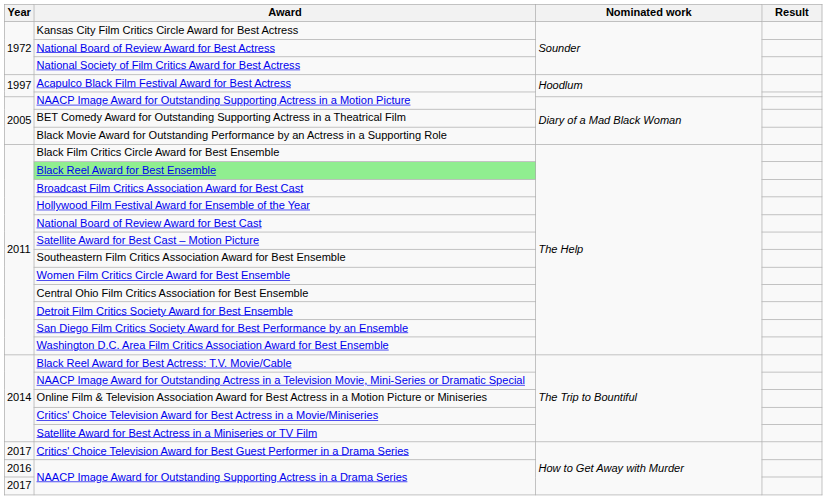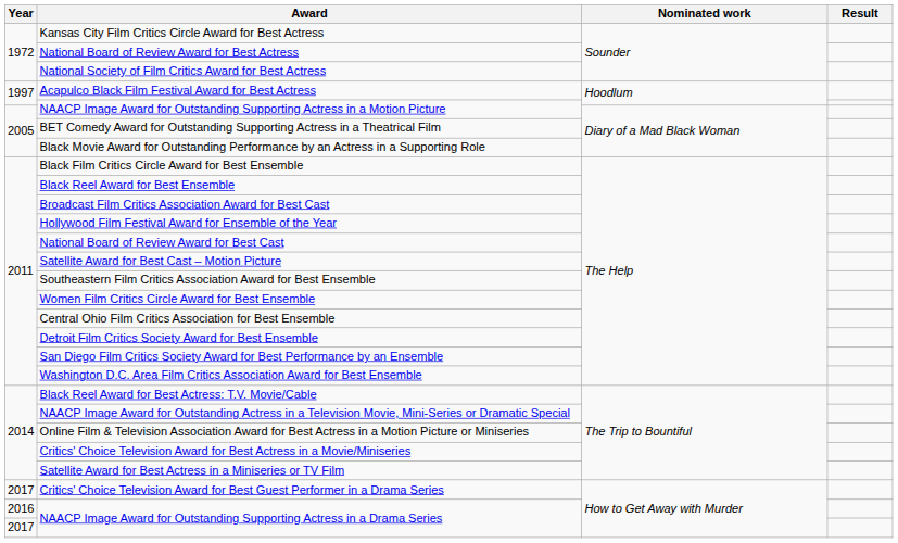 <table class=wikitable>
 <tr>
 <th scope="col" style="width:2em;">Year</th>
 <th scope="col" style="width:45em;">Award</th>
 <th scope="col" style="width:20em;">Nominated work</th>
 <th scope="col" style="width:5em;">Result</th>
 </tr>
 <tr>
 <td rowspan=3>1972</td>
 <td>Kansas City Film Critics Circle Award for Best Actress</td>
 <td rowspan=3><em>Sounder</em></td>
 <td></td>
 </tr>
 <tr>
 <td><a href='#'>National Board of Review Award for Best Actress</a></td>
 <td></td>
 </tr>
 <tr>
 <td><a href='#'>National Society of Film Critics Award for Best Actress</a></td>
 <td></td>
 </tr>
 <tr>
 <td rowspan=2>1997</td>
 <td><a href='#'>Acapulco Black Film Festival Award for Best Actress</a></td>
 <td rowspan=2><em>Hoodlum</em></td>
 <td></td>
 </tr>
 <tr>
 <td rowspan="2"><a href='#'>NAACP Image Award for Outstanding Supporting Actress in a Motion Picture</a></td>
 <td></td>
 </tr>
 <tr>
 <td rowspan=3>2005</td>
 <td rowspan="3"><em>Diary of a Mad Black Woman</em></td>
 <td></td>
 </tr>
 <tr>
 <td>BET Comedy Award for Outstanding Supporting Actress in a Theatrical Film</td>
 <td></td>
 </tr>
 <tr>
 <td>Black Movie Award for Outstanding Performance by an Actress in a Supporting Role</td>
 <td></td>
 </tr>
 <tr>
 <td rowspan=12>2011</td>
 <td>Black Film Critics Circle Award for Best Ensemble</td>
 <td rowspan=12><em>The Help</em></td>
 <td></td>
 </tr>
 <tr>
-<td style="background: lightgreen;"><a href='#'>Black Reel Award for Best Ensemble</a></td>
+<td><a href='#'>Black Reel Award for Best Ensemble</a></td>
 <td></td>
 </tr>
 <tr>
 <td><a href='#'>Broadcast Film Critics Association Award for Best Cast</a></td>
 <td></td>
 </tr>
 <tr>
 <td><a href='#'>Hollywood Film Festival Award for Ensemble of the Year</a></td>
 <td></td>
 </tr>
 <tr>
 <td><a href='#'>National Board of Review Award for Best Cast</a></td>
 <td></td>
 </tr>
 <tr>
 <td><a href='#'>Satellite Award for Best Cast – Motion Picture</a></td>
 <td></td>
 </tr>
 <tr>
 <td>Southeastern Film Critics Association Award for Best Ensemble</td>
 <td></td>
 </tr>
 <tr>
 <td><a href='#'>Women Film Critics Circle Award for Best Ensemble</a></td>
 <td></td>
 </tr>
 <tr>
 <td>Central Ohio Film Critics Association for Best Ensemble</td>
 <td></td>
 </tr>
 <tr>
 <td><a href='#'>Detroit Film Critics Society Award for Best Ensemble</a></td>
 <td></td>
 </tr>
 <tr>
 <td><a href='#'>San Diego Film Critics Society Award for Best Performance by an Ensemble</a></td>
 <td></td>
 </tr>
 <tr>
 <td><a href='#'>Washington D.C. Area Film Critics Association Award for Best Ensemble</a></td>
 <td></td>
 </tr>
 <tr>
 <td rowspan=5>2014</td>
 <td><a href='#'>Black Reel Award for Best Actress: T.V. Movie/Cable</a></td>
 <td rowspan=5><em>The Trip to Bountiful</em></td>
 <td></td>
 </tr>
 <tr>
 <td><a href='#'>NAACP Image Award for Outstanding Actress in a Television Movie, Mini-Series or Dramatic Special</a></td>
 <td></td>
 </tr>
 <tr>
 <td>Online Film & Television Association Award for Best Actress in a Motion Picture or Miniseries</td>
 <td></td>
 </tr>
 <tr>
 <td><a href='#'>Critics' Choice Television Award for Best Actress in a Movie/Miniseries</a></td>
 <td></td>
 </tr>
 <tr>
 <td><a href='#'>Satellite Award for Best Actress in a Miniseries or TV Film</a></td>
 <td></td>
 </tr>
 <tr>
 <td>2017</td>
 <td><a href='#'>Critics' Choice Television Award for Best Guest Performer in a Drama Series</a></td>
 <td rowspan=3><em>How to Get Away with Murder</em></td>
 <td></td>
 </tr>
 <tr>
 <td>2016</td>
 <td rowspan=2><a href='#'>NAACP Image Award for Outstanding Supporting Actress in a Drama Series</a></td>
 <td></td>
 </tr>
 <tr>
 <td>2017</td>
 <td></td>
 </tr>
 </table>
